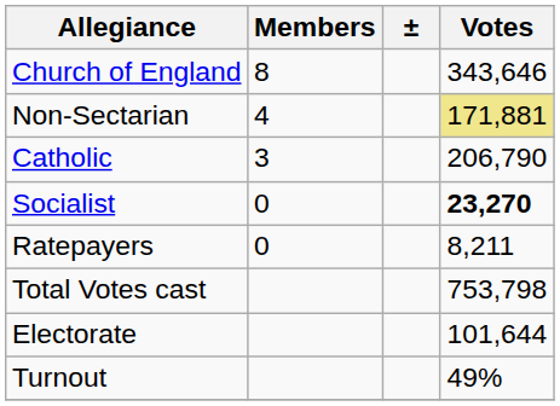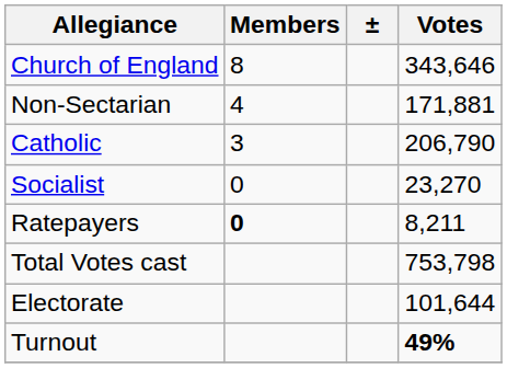 <table class="wikitable">
 <tr>
 <th>Allegiance</th>
 <th>Members</th>
 <th>  ±  </th>
 <th>Votes</th>
 </tr>
 <tr>
 <td><a href='#'>Church of England</a></td>
 <td>8</td>
 <td></td>
 <td>343,646</td>
 </tr>
 <tr>
 <td>Non-Sectarian</td>
 <td>4</td>
 <td></td>
-<td style="background: khaki;">171,881</td>
+<td>171,881</td>
 </tr>
 <tr>
 <td><a href='#'>Catholic</a></td>
 <td>3</td>
 <td></td>
 <td>206,790</td>
 </tr>
 <tr>
 <td><a href='#'>Socialist</a></td>
 <td>0</td>
 <td></td>
-<td><strong>23,270</strong></td>
+<td>23,270</td>
 </tr>
 <tr>
 <td>Ratepayers</td>
-<td>0</td>
+<td><strong>0</strong></td>
 <td></td>
 <td>8,211</td>
 </tr>
 <tr>
 <td>Total Votes cast</td>
 <td></td>
 <td></td>
 <td>753,798</td>
 </tr>
 <tr>
 <td>Electorate</td>
 <td></td>
 <td></td>
 <td>101,644</td>
 </tr>
 <tr>
 <td>Turnout</td>
 <td></td>
 <td></td>
-<td>49%</td>
+<td><strong>49%</strong></td>
 </tr>
 <tr>
 </tr>
 </table>
